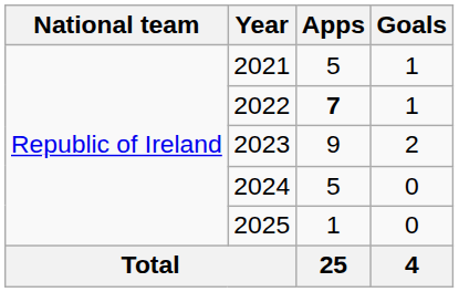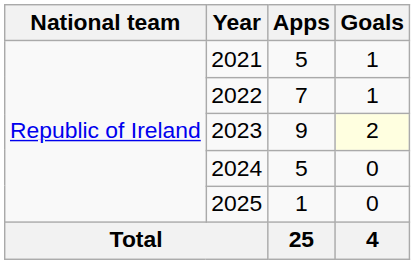 <table class="sortable wikitable" style="text-align:center">
 <tr>
 <th scope="col">National team</th>
 <th scope="col">Year</th>
 <th !scope="col">Apps</th>
 <th !scope="col">Goals</th>
 </tr>
 <tr>
 <td rowspan="5"><a href='#'>Republic of Ireland</a></td>
 <td scope="row">2021</td>
 <td>5</td>
 <td>1</td>
 </tr>
 <tr>
 <td scope="row">2022</td>
-<td><strong>7</strong></td>
+<td>7</td>
 <td>1</td>
 </tr>
 <tr>
 <td scope="row">2023</td>
 <td>9</td>
-<td>2</td>
+<td style="background: lightyellow;">2</td>
 </tr>
 <tr>
 <td>2024</td>
 <td>5</td>
 <td>0</td>
 </tr>
 <tr>
 <td>2025</td>
 <td>1</td>
 <td>0</td>
 </tr>
 <tr>
 <th colspan="2">Total</th>
 <th>25</th>
 <th>4</th>
 </tr>
 </table>
